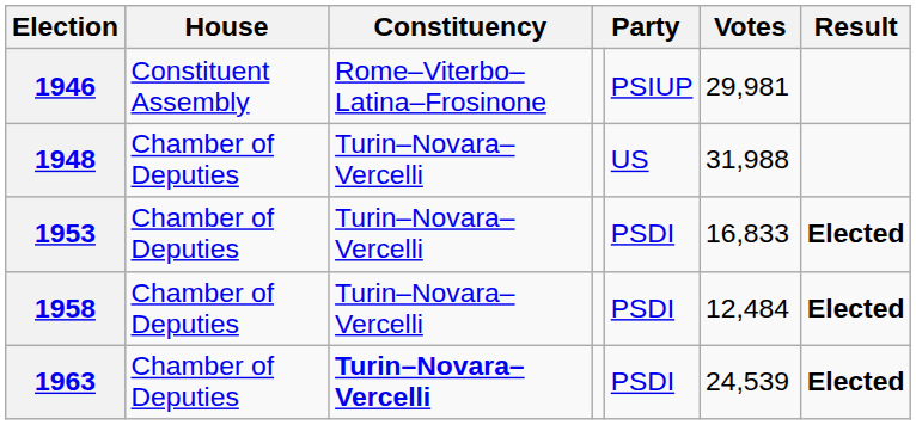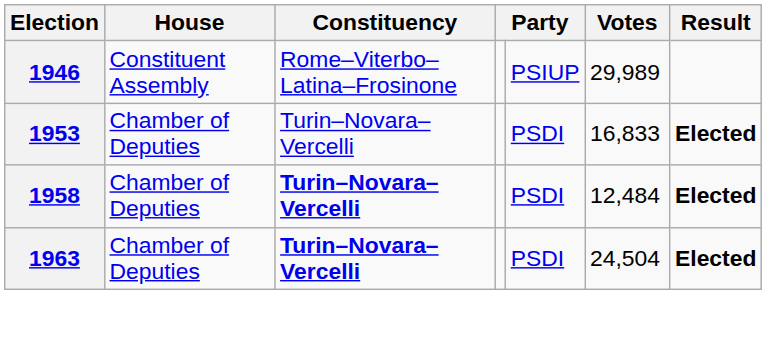 <table class=wikitable style="width:60%; border:1px #AAAAFF solid">
 <tr>
 <th width=12%>Election</th>
 <th width=30%>House</th>
 <th width=40%>Constituency</th>
 <th width=5% colspan="2">Party</th>
 <th width=12%>Votes</th>
 <th width=12%>Result</th>
 </tr>
 <tr>
 <th><a href='#'>1946</a></th>
 <td><a href='#'>Constituent Assembly</a></td>
 <td><a href='#'>Rome–Viterbo–Latina–Frosinone</a></td>
 <td></td>
 <td><a href='#'>PSIUP</a></td>
-<td>29,981</td>
-<td></td>
-</tr>
-<tr>
-<th><a href='#'>1948</a></th>
-<td><a href='#'>Chamber of Deputies</a></td>
-<td><a href='#'>Turin–Novara–Vercelli</a></td>
-<td></td>
-<td><a href='#'>US</a></td>
-<td>31,988</td>
+<td>29,989</td>
 <td></td>
 </tr>
 <tr>
 <th><a href='#'>1953</a></th>
 <td><a href='#'>Chamber of Deputies</a></td>
 <td><a href='#'>Turin–Novara–Vercelli</a></td>
 <td></td>
 <td><a href='#'>PSDI</a></td>
 <td>16,833</td>
 <td> <strong>Elected</strong></td>
 </tr>
 <tr>
 <th><a href='#'>1958</a></th>
 <td><a href='#'>Chamber of Deputies</a></td>
-<td><a href='#'>Turin–Novara–Vercelli</a></td>
+<td><strong><a href='#'>Turin–Novara–Vercelli</a></strong></td>
 <td></td>
 <td><a href='#'>PSDI</a></td>
 <td>12,484</td>
 <td> <strong>Elected</strong></td>
 </tr>
 <tr>
 <th><a href='#'>1963</a></th>
 <td><a href='#'>Chamber of Deputies</a></td>
 <td><strong><a href='#'>Turin–Novara–Vercelli</a></strong></td>
 <td></td>
 <td><a href='#'>PSDI</a></td>
-<td>24,539</td>
+<td>24,504</td>
 <td> <strong>Elected</strong></td>
 </tr>
 </table>
